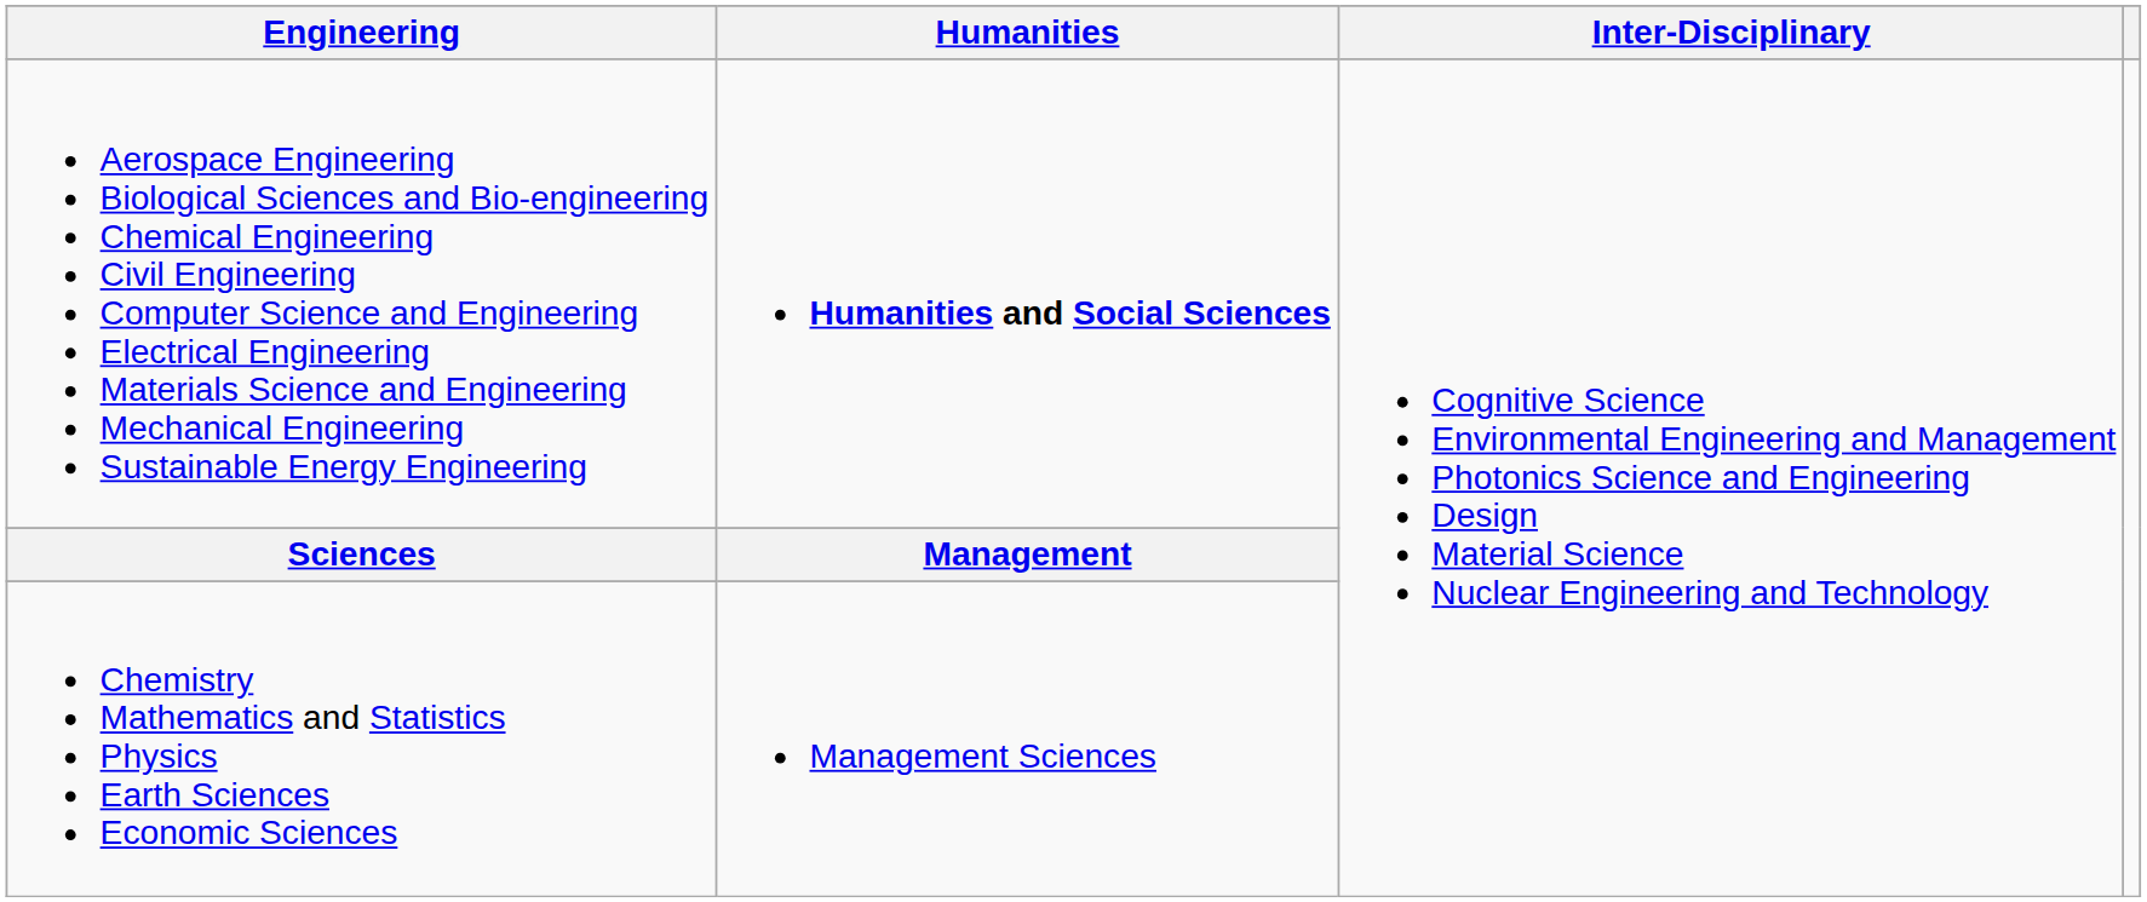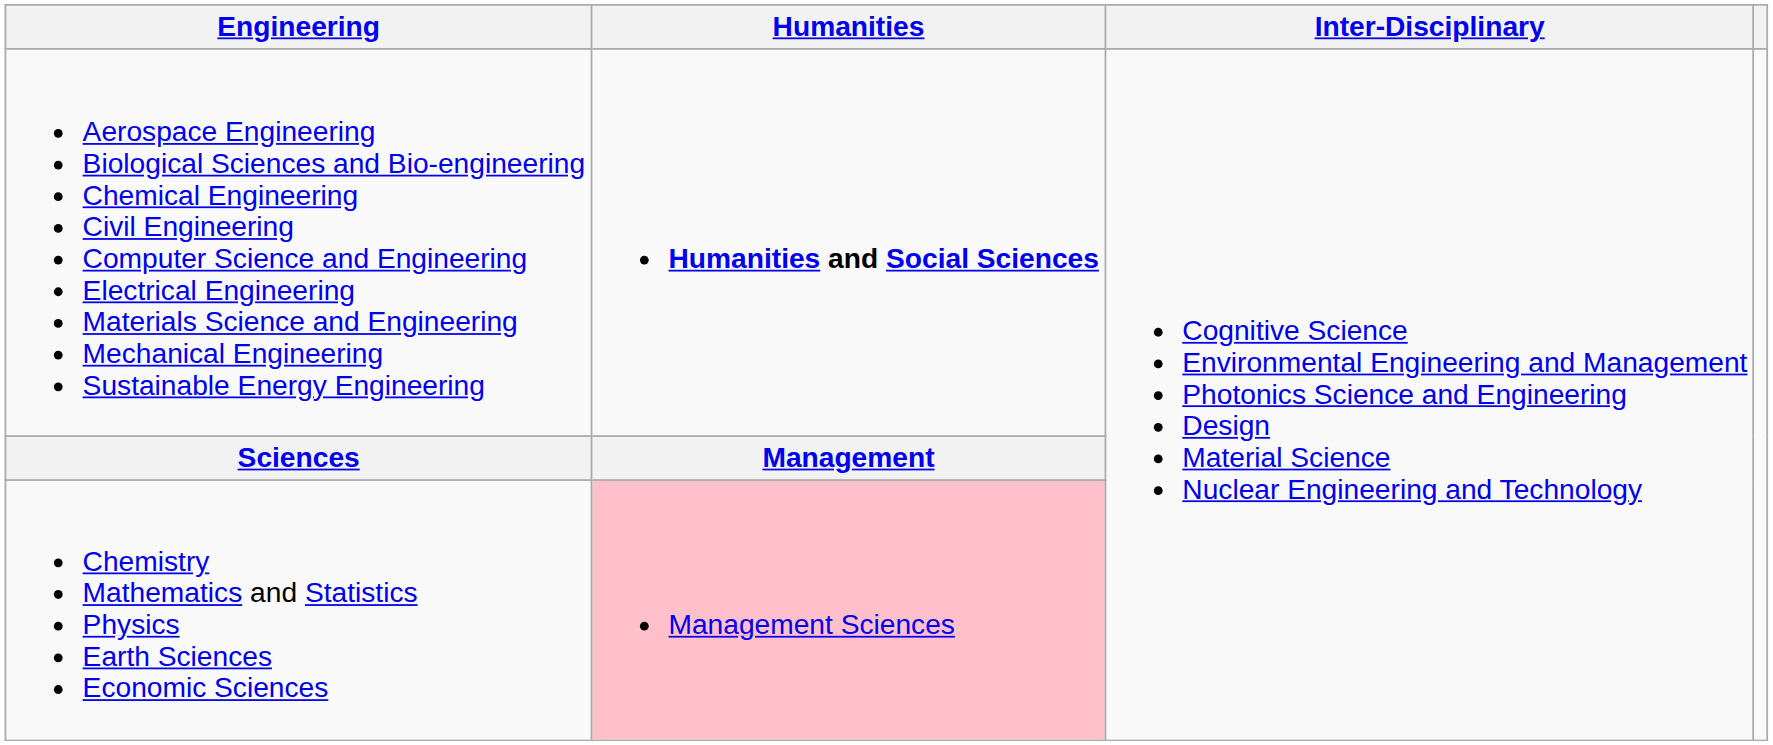 <table style="width:auto; height:auto; margin:auto;" class="wikitable">
 <tr>
 <th><a href='#'>Engineering</a></th>
 <th><a href='#'>Humanities</a></th>
 <th><a href='#'>Inter-Disciplinary</a></th>
 <th></th>
 </tr>
 <tr>
 <td><br><ul><li><a href='#'>Aerospace Engineering</a></li><li><a href='#'>Biological Sciences and Bio-engineering</a></li><li><a href='#'>Chemical Engineering</a></li><li><a href='#'>Civil Engineering</a></li><li><a href='#'>Computer Science and Engineering</a></li><li><a href='#'>Electrical Engineering</a></li><li><a href='#'>Materials Science and Engineering</a></li><li><a href='#'>Mechanical Engineering</a></li><li><a href='#'>Sustainable Energy Engineering</a></li></ul></td>
 <td><strong><br><ul><li><a href='#'>Humanities</a> and <a href='#'>Social Sciences</a></li></ul></strong></td>
 <td rowspan="3"><br><ul><li><a href='#'>Cognitive Science</a></li><li><a href='#'>Environmental Engineering and Management</a></li><li><a href='#'>Photonics Science and Engineering</a></li><li><a href='#'>Design</a></li><li><a href='#'>Material Science</a></li><li><a href='#'>Nuclear Engineering and Technology</a></li></ul></td>
 </tr>
 <tr>
 <th><a href='#'>Sciences</a></th>
 <th><a href='#'>Management</a></th>
 </tr>
 <tr>
 <td><br><ul><li><a href='#'>Chemistry</a></li><li><a href='#'>Mathematics</a> and <a href='#'>Statistics</a></li><li><a href='#'>Physics</a></li><li><a href='#'>Earth Sciences</a></li><li><a href='#'>Economic Sciences</a></li></ul></td>
-<td><br><ul><li><a href='#'>Management Sciences</a></li></ul></td>
+<td style="background: pink;"><br><ul><li><a href='#'>Management Sciences</a></li></ul></td>
 </tr>
 </table>
